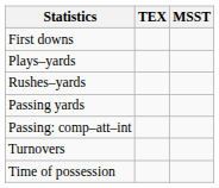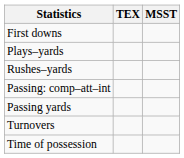 <table class="wikitable" style="float:left">
 <tr>
 <th>Statistics</th>
 <th>TEX</th>
 <th>MSST</th>
 </tr>
 <tr>
 <td>First downs</td>
 <td></td>
 <td></td>
 </tr>
 <tr>
 <td>Plays–yards</td>
 <td></td>
 <td></td>
 </tr>
 <tr>
 <td>Rushes–yards</td>
 <td></td>
 <td></td>
 </tr>
 <tr>
-<td>Passing yards</td>
+<td>Passing: comp–att–int</td>
 <td></td>
 <td></td>
 </tr>
 <tr>
-<td>Passing: comp–att–int</td>
+<td>Passing yards</td>
 <td></td>
 <td></td>
 </tr>
 <tr>
 <td>Turnovers</td>
 <td></td>
 <td></td>
 </tr>
 <tr>
 <td>Time of possession</td>
 <td></td>
 <td></td>
 </tr>
 </table>
